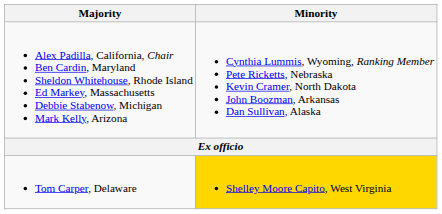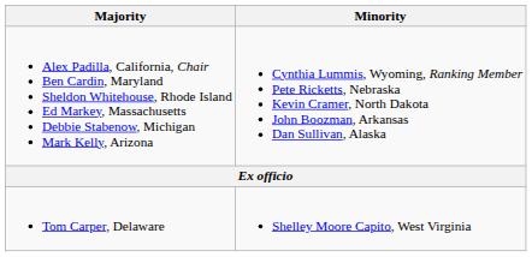 <table class=wikitable>
 <tr>
 <th>Majority</th>
 <th>Minority</th>
 </tr>
 <tr>
 <td><br><ul><li><a href='#'>Alex Padilla</a>, California, <em>Chair</em></li><li><a href='#'>Ben Cardin</a>, Maryland</li><li><a href='#'>Sheldon Whitehouse</a>, Rhode Island</li><li><a href='#'>Ed Markey</a>, Massachusetts</li><li><a href='#'>Debbie Stabenow</a>, Michigan</li><li><a href='#'>Mark Kelly</a>, Arizona</li></ul></td>
 <td><br><ul><li><a href='#'>Cynthia Lummis</a>, Wyoming, <em>Ranking Member</em></li><li><a href='#'>Pete Ricketts</a>, Nebraska</li><li><a href='#'>Kevin Cramer</a>, North Dakota</li><li><a href='#'>John Boozman</a>, Arkansas</li><li><a href='#'>Dan Sullivan</a>, Alaska</li></ul></td>
 </tr>
 <tr>
 <th colspan=2><em>Ex officio</em></th>
 </tr>
 <tr>
 <td><br><ul><li><a href='#'>Tom Carper</a>, Delaware</li></ul></td>
-<td style="background: gold;"><br><ul><li><a href='#'>Shelley Moore Capito</a>, West Virginia</li></ul></td>
+<td><br><ul><li><a href='#'>Shelley Moore Capito</a>, West Virginia</li></ul></td>
 </tr>
 </table>
